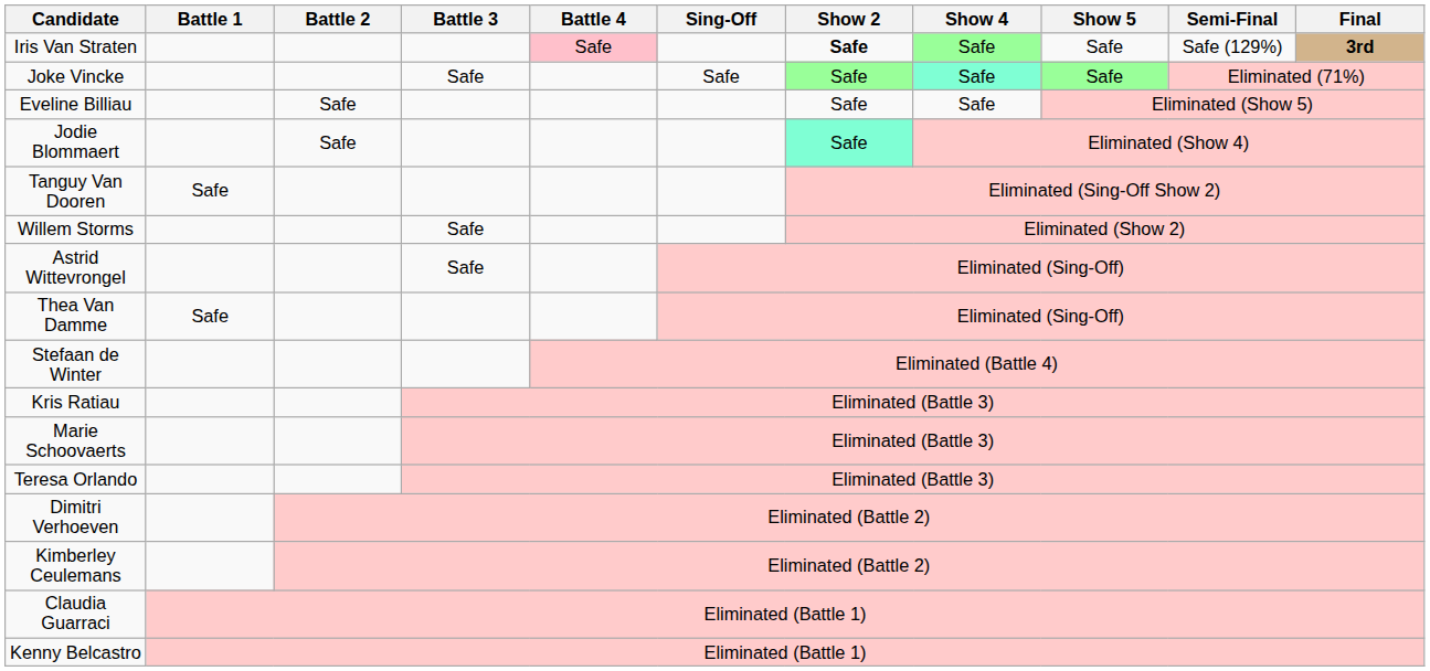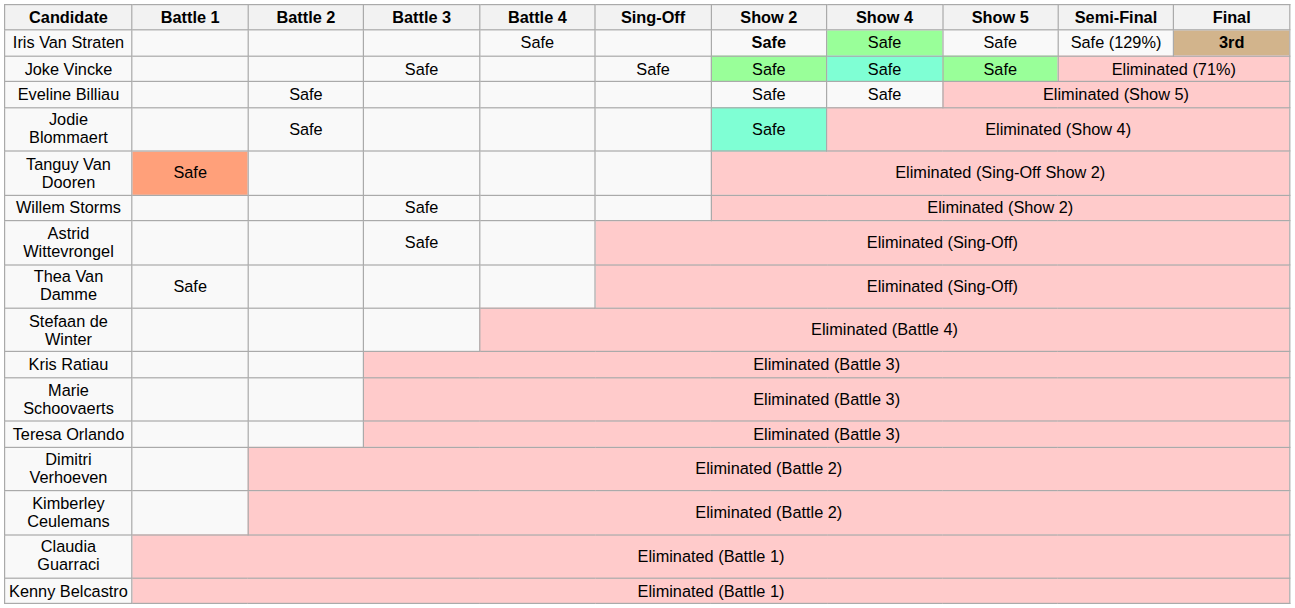 <table class="wikitable" style="text-align:center; font-size:85%">
 <tr>
 <th style="width:100px;">Candidate</th>
 <th style="width:90px;">Battle 1</th>
 <th style="width:90px;">Battle 2</th>
 <th style="width:90px;">Battle 3</th>
 <th style="width:90px;">Battle 4</th>
 <th style="width:90px;">Sing-Off</th>
 <th style="width:90px;">Show 2</th>
 <th style="width:90px;">Show 4</th>
 <th style="width:90px;">Show 5</th>
 <th style="width:90px;">Semi-Final</th>
 <th style="width:90px;">Final</th>
 </tr>
 <tr>
 <td>Iris Van Straten</td>
 <td></td>
 <td></td>
 <td></td>
-<td style="background: pink;">Safe</td>
+<td>Safe</td>
 <td></td>
 <td><strong>Safe</strong></td>
 <td style="background:#9f9;">Safe</td>
 <td>Safe</td>
 <td>Safe (129%)</td>
 <td style="background:tan;"><strong>3rd</strong></td>
 </tr>
 <tr>
 <td>Joke Vincke</td>
 <td></td>
 <td></td>
 <td>Safe</td>
 <td></td>
 <td>Safe</td>
 <td style="background:#9f9;">Safe</td>
 <td style="background:aquamarine">Safe</td>
 <td style="background:#9f9;">Safe</td>
 <td style="background:#ffcbcb" colspan=2>Eliminated (71%)</td>
 </tr>
 <tr>
 <td>Eveline Billiau</td>
 <td></td>
 <td>Safe</td>
 <td></td>
 <td></td>
 <td></td>
 <td>Safe</td>
 <td>Safe</td>
 <td style="background:#ffcbcb" colspan=3>Eliminated (Show 5)</td>
 </tr>
 <tr>
 <td>Jodie Blommaert</td>
 <td></td>
 <td>Safe</td>
 <td></td>
 <td></td>
 <td></td>
 <td style="background:aquamarine">Safe</td>
 <td style="background:#ffcbcb" colspan=4>Eliminated (Show 4)</td>
 </tr>
 <tr>
 <td>Tanguy Van Dooren</td>
-<td>Safe</td>
+<td style="background: lightsalmon;">Safe</td>
 <td></td>
 <td></td>
 <td></td>
 <td></td>
 <td style="background:#ffcbcb" colspan=6>Eliminated (Sing-Off Show 2)</td>
 </tr>
 <tr>
 <td>Willem Storms</td>
 <td></td>
 <td></td>
 <td>Safe</td>
 <td></td>
 <td></td>
 <td style="background:#ffcbcb" colspan=6>Eliminated (Show 2)</td>
 </tr>
 <tr>
 <td>Astrid Wittevrongel</td>
 <td></td>
 <td></td>
 <td>Safe</td>
 <td></td>
 <td style="background:#ffcbcb" colspan=6>Eliminated (Sing-Off)</td>
 </tr>
 <tr>
 <td>Thea Van Damme</td>
 <td>Safe</td>
 <td></td>
 <td></td>
 <td></td>
 <td style="background:#ffcbcb" colspan=6>Eliminated (Sing-Off)</td>
 </tr>
 <tr>
 <td>Stefaan de Winter</td>
 <td></td>
 <td></td>
 <td></td>
 <td style="background:#ffcbcb" colspan=7>Eliminated (Battle 4)</td>
 </tr>
 <tr>
 <td>Kris Ratiau</td>
 <td></td>
 <td></td>
 <td style="background:#ffcbcb" colspan=8>Eliminated (Battle 3)</td>
 </tr>
 <tr>
 <td>Marie Schoovaerts</td>
 <td></td>
 <td></td>
 <td style="background:#ffcbcb" colspan=8>Eliminated (Battle 3)</td>
 </tr>
 <tr>
 <td>Teresa Orlando</td>
 <td></td>
 <td></td>
 <td style="background:#ffcbcb" colspan=8>Eliminated (Battle 3)</td>
 </tr>
 <tr>
 <td>Dimitri Verhoeven</td>
 <td></td>
 <td style="background:#ffcbcb" colspan=9>Eliminated (Battle 2)</td>
 </tr>
 <tr>
 <td>Kimberley Ceulemans</td>
 <td></td>
 <td style="background:#ffcbcb" colspan=9>Eliminated (Battle 2)</td>
 </tr>
 <tr>
 <td>Claudia Guarraci</td>
 <td style="background:#ffcbcb" colspan=10>Eliminated (Battle 1)</td>
 </tr>
 <tr>
 <td>Kenny Belcastro</td>
 <td style="background:#ffcbcb" colspan=10>Eliminated (Battle 1)</td>
 </tr>
 </table>
